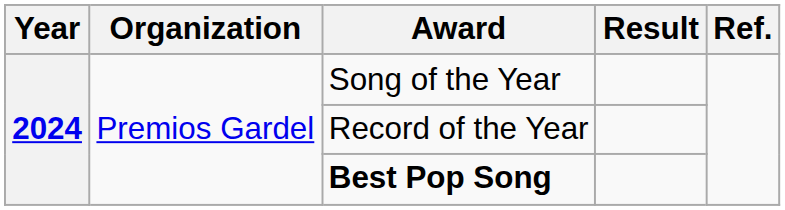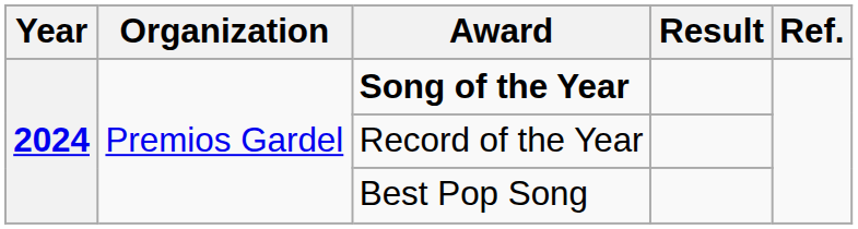 <table class="wikitable plainrowheaders">
 <tr>
 <th>Year</th>
 <th>Organization</th>
 <th>Award</th>
 <th>Result</th>
 <th>Ref.</th>
 </tr>
 <tr>
 <th rowspan="3" scope="row"><a href='#'>2024</a></th>
 <td rowspan="3"><a href='#'>Premios Gardel</a></td>
-<td>Song of the Year</td>
+<td><strong>Song of the Year</strong></td>
 <td></td>
 <td rowspan="3"></td>
 </tr>
 <tr>
 <td>Record of the Year</td>
 <td></td>
 </tr>
 <tr>
-<td><strong>Best Pop Song</strong></td>
+<td>Best Pop Song</td>
 <td></td>
 </tr>
 </table>
